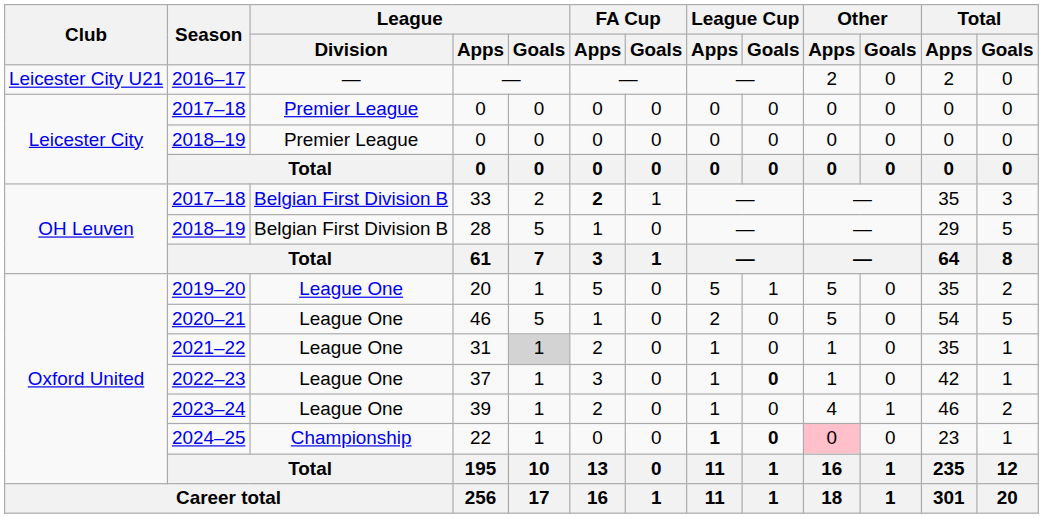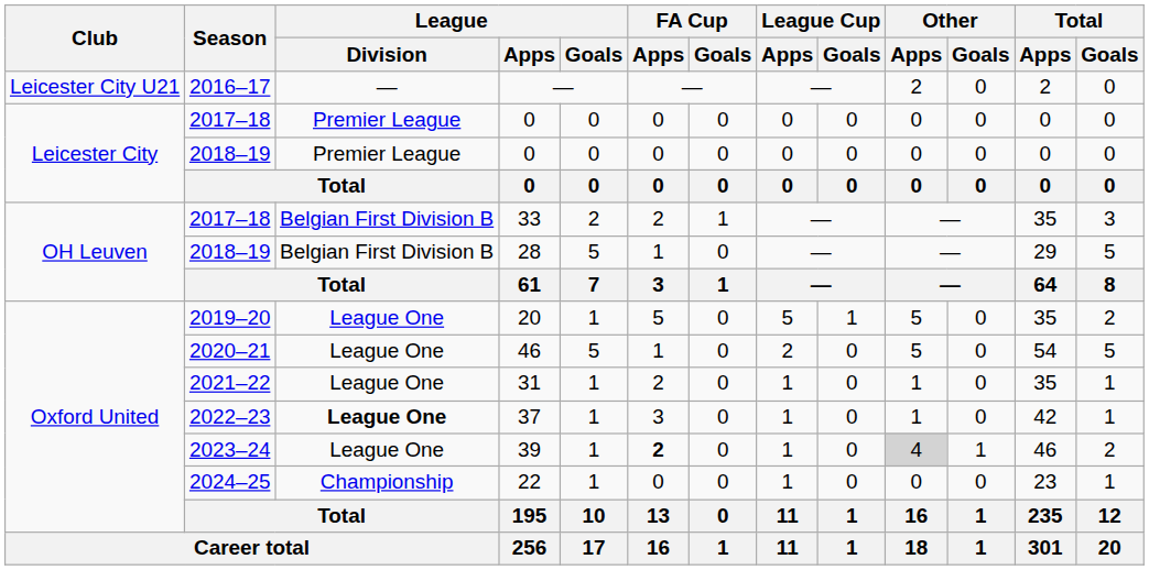 <table class="wikitable" style="text-align: center;">
 <tr>
 <th rowspan="2">Club</th>
 <th rowspan="2">Season</th>
 <th colspan="3">League</th>
 <th colspan="2">FA Cup</th>
 <th colspan="2">League Cup</th>
 <th colspan="2">Other</th>
 <th colspan="2">Total</th>
 </tr>
 <tr>
 <th>Division</th>
 <th>Apps</th>
 <th>Goals</th>
 <th>Apps</th>
 <th>Goals</th>
 <th>Apps</th>
 <th>Goals</th>
 <th>Apps</th>
 <th>Goals</th>
 <th>Apps</th>
 <th>Goals</th>
 </tr>
 <tr>
 <td><a href='#'>Leicester City U21</a></td>
 <td><a href='#'>2016–17</a></td>
 <td>—</td>
 <td colspan=2>—</td>
 <td colspan=2>—</td>
 <td colspan=2>—</td>
 <td>2</td>
 <td>0</td>
 <td>2</td>
 <td>0</td>
 </tr>
 <tr>
 <td rowspan=3><a href='#'>Leicester City</a></td>
 <td><a href='#'>2017–18</a></td>
 <td><a href='#'>Premier League</a></td>
 <td>0</td>
 <td>0</td>
 <td>0</td>
 <td>0</td>
 <td>0</td>
 <td>0</td>
 <td>0</td>
 <td>0</td>
 <td>0</td>
 <td>0</td>
 </tr>
 <tr>
 <td><a href='#'>2018–19</a></td>
 <td>Premier League</td>
 <td>0</td>
 <td>0</td>
 <td>0</td>
 <td>0</td>
 <td>0</td>
 <td>0</td>
 <td>0</td>
 <td>0</td>
 <td>0</td>
 <td>0</td>
 </tr>
 <tr>
 <th colspan=2>Total</th>
 <th>0</th>
 <th>0</th>
 <th>0</th>
 <th>0</th>
 <th>0</th>
 <th>0</th>
 <th>0</th>
 <th>0</th>
 <th>0</th>
 <th>0</th>
 </tr>
 <tr>
 <td rowspan=3><a href='#'>OH Leuven</a></td>
 <td><a href='#'>2017–18</a></td>
 <td><a href='#'>Belgian First Division B</a></td>
 <td>33</td>
 <td>2</td>
-<td><strong>2</strong></td>
+<td>2</td>
 <td>1</td>
 <td colspan=2>—</td>
 <td colspan=2>—</td>
 <td>35</td>
 <td>3</td>
 </tr>
 <tr>
 <td><a href='#'>2018–19</a></td>
 <td>Belgian First Division B</td>
 <td>28</td>
 <td>5</td>
 <td>1</td>
 <td>0</td>
 <td colspan=2>—</td>
 <td colspan=2>—</td>
 <td>29</td>
 <td>5</td>
 </tr>
 <tr>
 <th colspan=2>Total</th>
 <th>61</th>
 <th>7</th>
 <th>3</th>
 <th>1</th>
 <th colspan=2>—</th>
 <th colspan=2>—</th>
 <th>64</th>
 <th>8</th>
 </tr>
 <tr>
 <td rowspan=7><a href='#'>Oxford United</a></td>
 <td><a href='#'>2019–20</a></td>
 <td><a href='#'>League One</a></td>
 <td>20</td>
 <td>1</td>
 <td>5</td>
 <td>0</td>
 <td>5</td>
 <td>1</td>
 <td>5</td>
 <td>0</td>
 <td>35</td>
 <td>2</td>
 </tr>
 <tr>
 <td><a href='#'>2020–21</a></td>
 <td>League One</td>
 <td>46</td>
 <td>5</td>
 <td>1</td>
 <td>0</td>
 <td>2</td>
 <td>0</td>
 <td>5</td>
 <td>0</td>
 <td>54</td>
 <td>5</td>
 </tr>
 <tr>
 <td><a href='#'>2021–22</a></td>
 <td>League One</td>
 <td>31</td>
-<td style="background: lightgrey;">1</td>
+<td>1</td>
 <td>2</td>
 <td>0</td>
 <td>1</td>
 <td>0</td>
 <td>1</td>
 <td>0</td>
 <td>35</td>
 <td>1</td>
 </tr>
 <tr>
 <td><a href='#'>2022–23</a></td>
-<td>League One</td>
+<td><strong>League One</strong></td>
 <td>37</td>
 <td>1</td>
 <td>3</td>
 <td>0</td>
 <td>1</td>
-<td><strong>0</strong></td>
+<td>0</td>
 <td>1</td>
 <td>0</td>
 <td>42</td>
 <td>1</td>
 </tr>
 <tr>
 <td><a href='#'>2023–24</a></td>
 <td>League One</td>
 <td>39</td>
 <td>1</td>
-<td>2</td>
+<td><strong>2</strong></td>
 <td>0</td>
 <td>1</td>
 <td>0</td>
-<td>4</td>
+<td style="background: lightgrey;">4</td>
 <td>1</td>
 <td>46</td>
 <td>2</td>
 </tr>
 <tr>
 <td><a href='#'>2024–25</a></td>
 <td><a href='#'>Championship</a></td>
 <td>22</td>
 <td>1</td>
 <td>0</td>
 <td>0</td>
-<td><strong>1</strong></td>
-<td><strong>0</strong></td>
-<td style="background: pink;">0</td>
+<td>1</td>
+<td>0</td>
+<td>0</td>
 <td>0</td>
 <td>23</td>
 <td>1</td>
 </tr>
 <tr>
 <th colspan=2>Total</th>
 <th>195</th>
 <th>10</th>
 <th>13</th>
 <th>0</th>
 <th>11</th>
 <th>1</th>
 <th>16</th>
 <th>1</th>
 <th>235</th>
 <th>12</th>
 </tr>
 <tr>
 <th colspan="3">Career total</th>
 <th>256</th>
 <th>17</th>
 <th>16</th>
 <th>1</th>
 <th>11</th>
 <th>1</th>
 <th>18</th>
 <th>1</th>
 <th>301</th>
 <th>20</th>
 </tr>
 </table>
